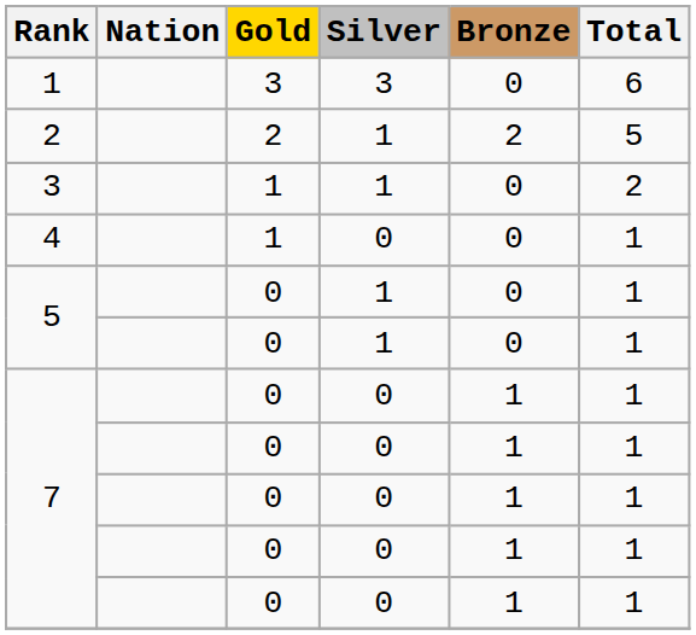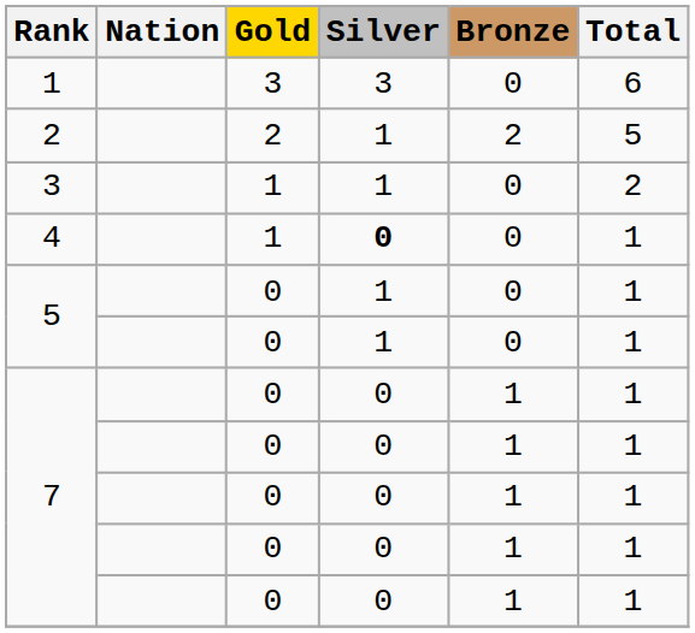 <table class="wikitable sortable" style="text-align:center">
 <tr>
 <th>Rank</th>
 <th>Nation</th>
 <th style="background-color:gold">Gold</th>
 <th style="background-color:silver">Silver</th>
 <th style="background-color:#cc9966">Bronze</th>
 <th>Total</th>
 </tr>
 <tr>
 <td>1</td>
 <td align=left></td>
 <td>3</td>
 <td>3</td>
 <td>0</td>
 <td>6</td>
 </tr>
 <tr>
 <td>2</td>
 <td align=left></td>
 <td>2</td>
 <td>1</td>
 <td>2</td>
 <td>5</td>
 </tr>
 <tr>
 <td>3</td>
 <td align=left></td>
 <td>1</td>
 <td>1</td>
 <td>0</td>
 <td>2</td>
 </tr>
 <tr>
 <td>4</td>
 <td align=left></td>
 <td>1</td>
-<td>0</td>
+<td><strong>0</strong></td>
 <td>0</td>
 <td>1</td>
 </tr>
 <tr>
 <td rowspan=2>5</td>
 <td align=left></td>
 <td>0</td>
 <td>1</td>
 <td>0</td>
 <td>1</td>
 </tr>
 <tr>
 <td align=left></td>
 <td>0</td>
 <td>1</td>
 <td>0</td>
 <td>1</td>
 </tr>
 <tr>
 <td rowspan=5>7</td>
 <td align=left></td>
 <td>0</td>
 <td>0</td>
 <td>1</td>
 <td>1</td>
 </tr>
 <tr>
 <td align=left></td>
 <td>0</td>
 <td>0</td>
 <td>1</td>
 <td>1</td>
 </tr>
 <tr>
 <td align=left></td>
 <td>0</td>
 <td>0</td>
 <td>1</td>
 <td>1</td>
 </tr>
 <tr>
 <td align=left></td>
 <td>0</td>
 <td>0</td>
 <td>1</td>
 <td>1</td>
 </tr>
 <tr>
 <td align=left></td>
 <td>0</td>
 <td>0</td>
 <td>1</td>
 <td>1</td>
 </tr>
 <tr>
 </tr>
 </table>
